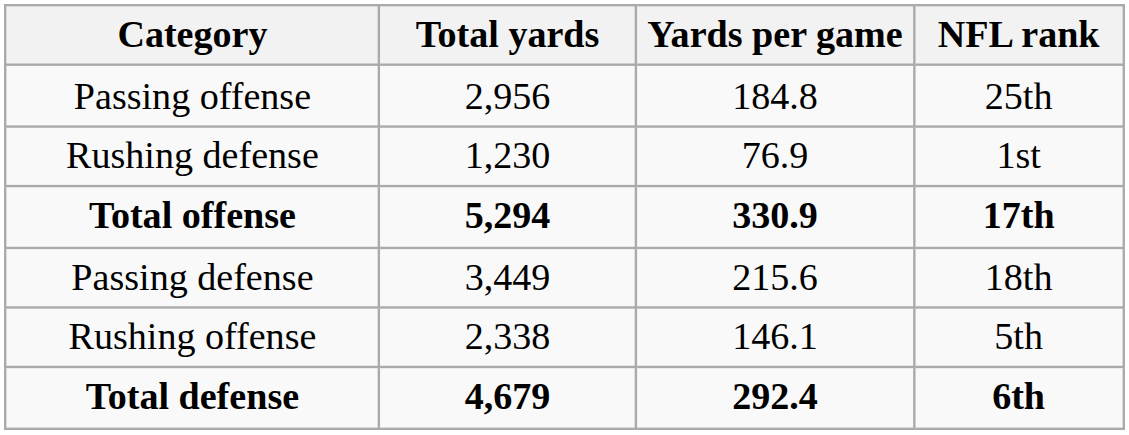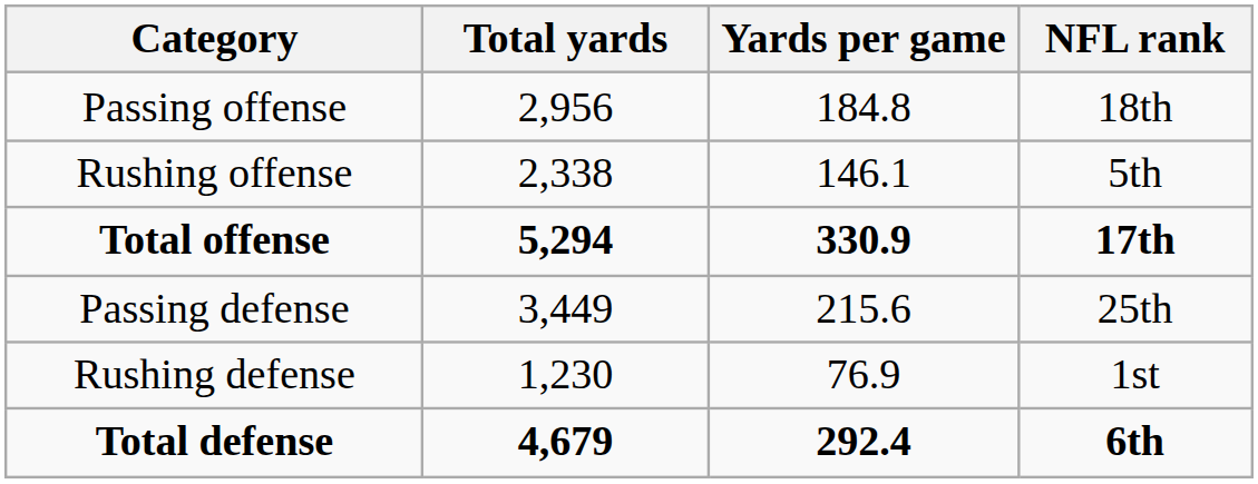 <table class="wikitable" style="text-align:center">
 <tr>
 <th width=150px>Category</th>
 <th width=100px>Total yards</th>
 <th width=110px>Yards per game</th>
 <th width=80px>NFL rank<br></th>
 </tr>
 <tr>
 <td>Passing offense</td>
 <td>2,956</td>
 <td>184.8</td>
-<td>25th</td>
+<td>18th</td>
 </tr>
 <tr>
-<td>Rushing defense</td>
-<td>1,230</td>
-<td>76.9</td>
-<td>1st</td>
+<td>Rushing offense</td>
+<td>2,338</td>
+<td>146.1</td>
+<td>5th</td>
 </tr>
 <tr>
 <td><strong>Total offense</strong></td>
 <td><strong>5,294</strong></td>
 <td><strong>330.9</strong></td>
 <td><strong>17th</strong></td>
 </tr>
 <tr>
 <td>Passing defense</td>
 <td>3,449</td>
 <td>215.6</td>
-<td>18th</td>
+<td>25th</td>
 </tr>
 <tr>
-<td>Rushing offense</td>
-<td>2,338</td>
-<td>146.1</td>
-<td>5th</td>
+<td>Rushing defense</td>
+<td>1,230</td>
+<td>76.9</td>
+<td>1st</td>
 </tr>
 <tr>
 <td><strong>Total defense</strong></td>
 <td><strong>4,679</strong></td>
 <td><strong>292.4</strong></td>
 <td><strong>6th</strong></td>
 </tr>
 </table>
